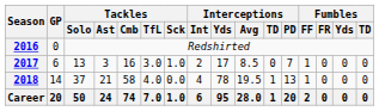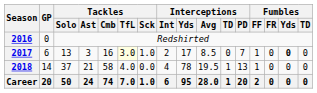 <table class="wikitable" style="text-align:center;">
 <tr>
 <th rowspan="2">Season</th>
 <th rowspan="2">GP</th>
 <th colspan="5">Tackles</th>
 <th colspan="5">Interceptions</th>
 <th colspan="4">Fumbles</th>
 </tr>
 <tr>
 <th>Solo</th>
 <th>Ast</th>
 <th>Cmb</th>
 <th>TfL</th>
 <th>Sck</th>
 <th>Int</th>
 <th>Yds</th>
 <th>Avg</th>
 <th>TD</th>
 <th>PD</th>
 <th>FF</th>
 <th>FR</th>
 <th>Yds</th>
 <th>TD</th>
 </tr>
 <tr>
 <th><a href='#'>2016</a></th>
 <td>0</td>
 <td colspan="14"> <em>Redshirted</em></td>
 </tr>
 <tr>
 <th><a href='#'>2017</a></th>
 <td>6</td>
 <td>13</td>
 <td>3</td>
 <td>16</td>
-<td>3.0</td>
+<td style="background: lightyellow;">3.0</td>
 <td>1.0</td>
 <td>2</td>
 <td>17</td>
 <td>8.5</td>
 <td>0</td>
 <td>7</td>
 <td>1</td>
 <td>0</td>
-<td>0</td>
+<td><strong>0</strong></td>
 <td>0</td>
 </tr>
 <tr>
 <th><a href='#'>2018</a></th>
 <td>14</td>
 <td>37</td>
 <td>21</td>
 <td>58</td>
 <td>4.0</td>
 <td>0.0</td>
 <td>4</td>
 <td>78</td>
 <td>19.5</td>
 <td>1</td>
 <td>13</td>
 <td>1</td>
 <td>0</td>
 <td>0</td>
 <td>0</td>
 </tr>
 <tr>
 <th>Career</th>
 <th>20</th>
 <th>50</th>
 <th>24</th>
 <th>74</th>
 <th>7.0</th>
 <th>1.0</th>
 <th>6</th>
 <th>95</th>
 <th>28.0</th>
 <th>1</th>
 <th>20</th>
 <th>2</th>
 <th>0</th>
 <th>0</th>
 <th>0</th>
 </tr>
 </table>
